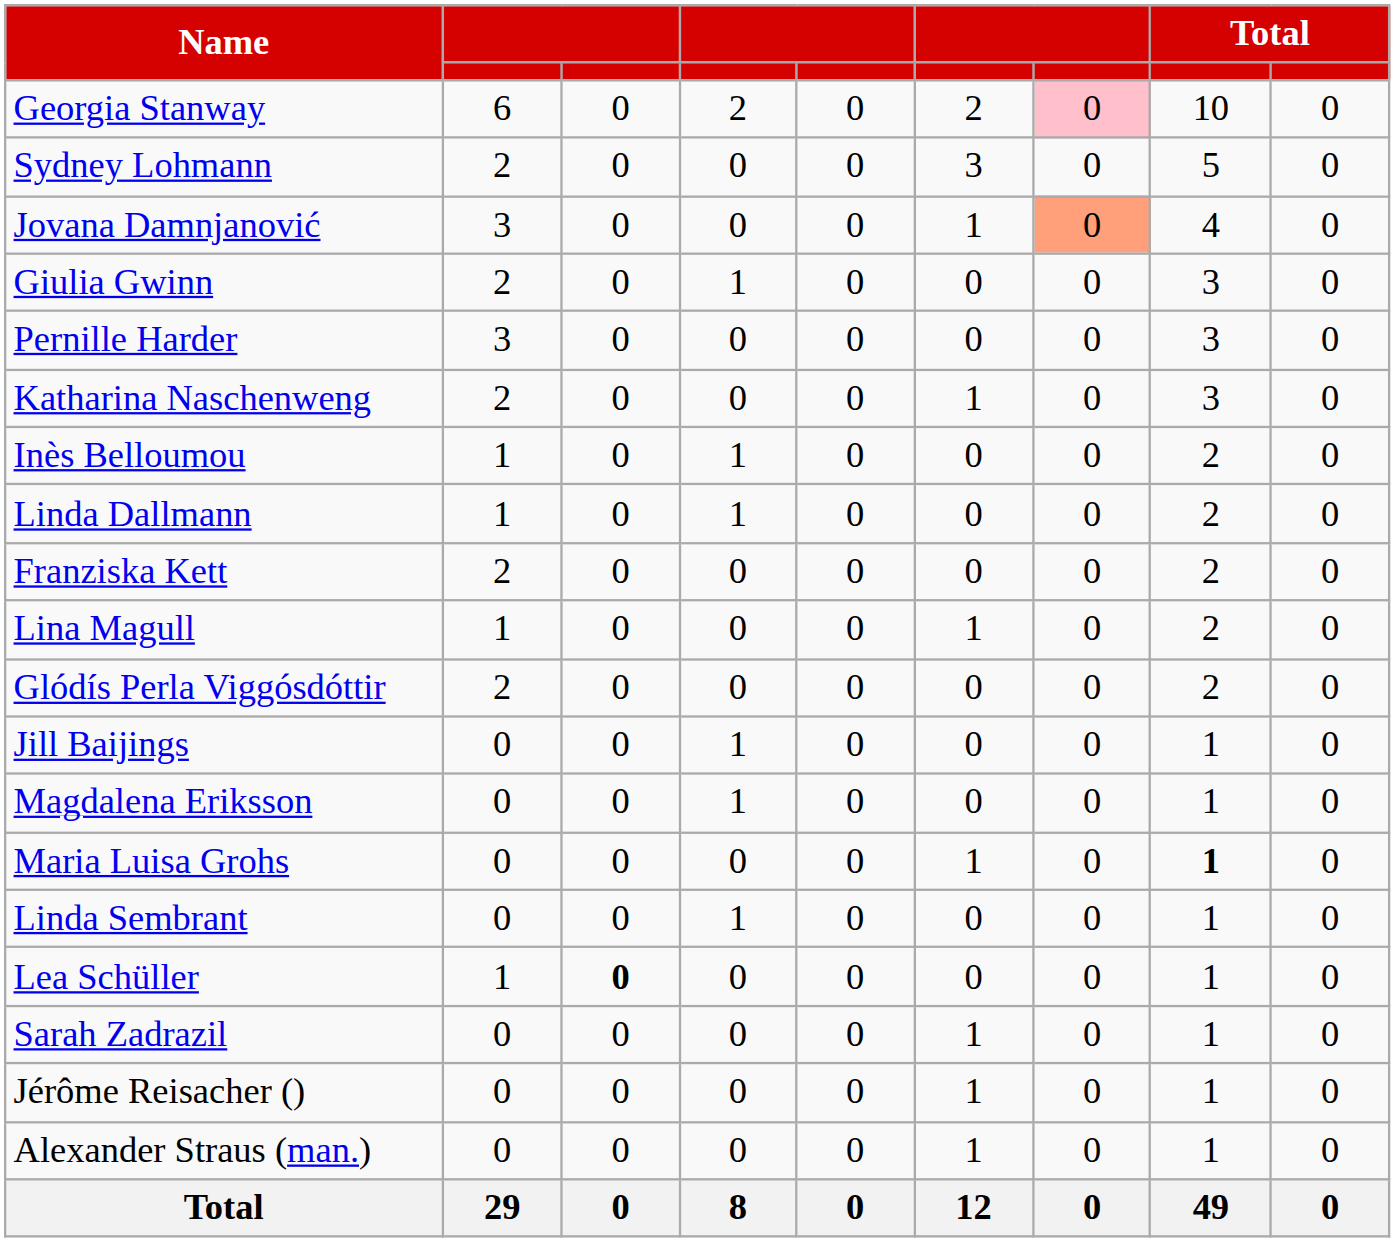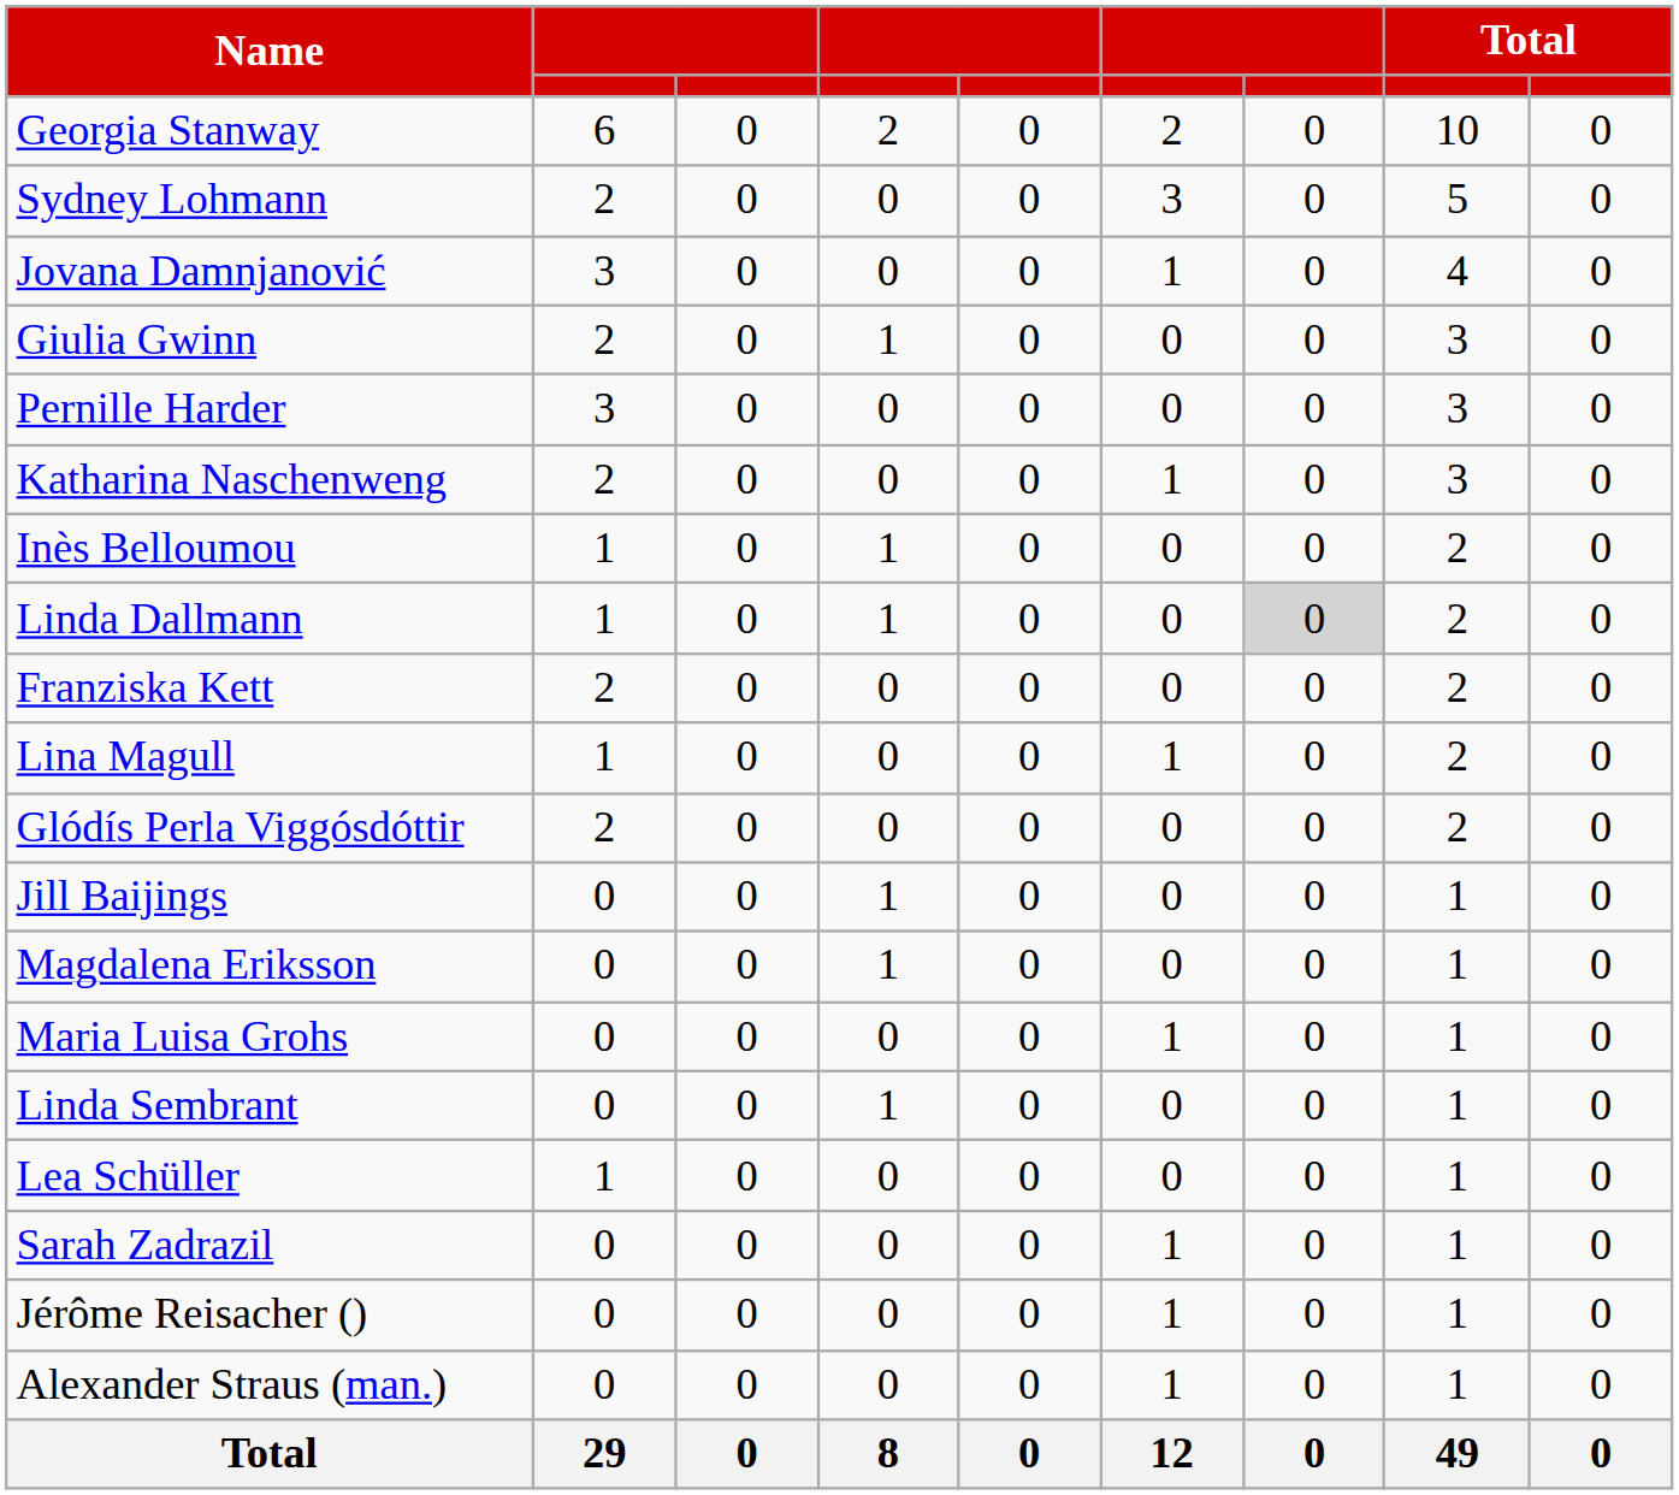 <table class="wikitable sortable" style="text-align:center; font-size:100%; ">
 <tr>
 <th style="background:#d50000; color:white; text-align:center; width:200px;" rowspan="2">Name</th>
 <th style="background:#d50000; color:white; text-align:center;" colspan="2"><a href='#'></a></th>
 <th style="background:#d50000; color:white; text-align:center;" colspan="2"><a href='#'></a></th>
 <th style="background:#d50000; color:white; text-align:center;" colspan="2"><a href='#'></a></th>
 <th style="background:#d50000; color:white; text-align:center;" colspan="2">Total</th>
 </tr>
 <tr>
 <th style="background:#d50000; color:white; text-align:center; width:50px;"></th>
 <th style="background:#d50000; color:white; text-align:center; width:50px;"></th>
 <th style="background:#d50000; color:white; text-align:center; width:50px;"></th>
 <th style="background:#d50000; color:white; text-align:center; width:50px;"></th>
 <th style="background:#d50000; color:white; text-align:center; width:50px;"></th>
 <th style="background:#d50000; color:white; text-align:center; width:50px;"></th>
 <th style="background:#d50000; color:white; text-align:center; width:50px;"></th>
 <th style="background:#d50000; color:white; text-align:center; width:50px;"></th>
 </tr>
 <tr>
 <td align="left"> <a href='#'>Georgia Stanway</a></td>
 <td>6</td>
 <td>0</td>
 <td>2</td>
 <td>0</td>
 <td>2</td>
-<td style="background: pink;">0</td>
+<td>0</td>
 <td>10</td>
 <td>0</td>
 </tr>
 <tr>
 <td align="left"> <a href='#'>Sydney Lohmann</a></td>
 <td>2</td>
 <td>0</td>
 <td>0</td>
 <td>0</td>
 <td>3</td>
 <td>0</td>
 <td>5</td>
 <td>0</td>
 </tr>
 <tr>
 <td align="left"> <a href='#'>Jovana Damnjanović</a></td>
 <td>3</td>
 <td>0</td>
 <td>0</td>
 <td>0</td>
 <td>1</td>
-<td style="background: lightsalmon;">0</td>
+<td>0</td>
 <td>4</td>
 <td>0</td>
 </tr>
 <tr>
 <td align="left"> <a href='#'>Giulia Gwinn</a></td>
 <td>2</td>
 <td>0</td>
 <td>1</td>
 <td>0</td>
 <td>0</td>
 <td>0</td>
 <td>3</td>
 <td>0</td>
 </tr>
 <tr>
 <td align="left"> <a href='#'>Pernille Harder</a></td>
 <td>3</td>
 <td>0</td>
 <td>0</td>
 <td>0</td>
 <td>0</td>
 <td>0</td>
 <td>3</td>
 <td>0</td>
 </tr>
 <tr>
 <td align="left"> <a href='#'>Katharina Naschenweng</a></td>
 <td>2</td>
 <td>0</td>
 <td>0</td>
 <td>0</td>
 <td>1</td>
 <td>0</td>
 <td>3</td>
 <td>0</td>
 </tr>
 <tr>
 <td align="left"> <a href='#'>Inès Belloumou</a></td>
 <td>1</td>
 <td>0</td>
 <td>1</td>
 <td>0</td>
 <td>0</td>
 <td>0</td>
 <td>2</td>
 <td>0</td>
 </tr>
 <tr>
 <td align="left"> <a href='#'>Linda Dallmann</a></td>
 <td>1</td>
 <td>0</td>
 <td>1</td>
 <td>0</td>
 <td>0</td>
-<td>0</td>
+<td style="background: lightgrey;">0</td>
 <td>2</td>
 <td>0</td>
 </tr>
 <tr>
 <td align="left"> <a href='#'>Franziska Kett</a></td>
 <td>2</td>
 <td>0</td>
 <td>0</td>
 <td>0</td>
 <td>0</td>
 <td>0</td>
 <td>2</td>
 <td>0</td>
 </tr>
 <tr>
 <td align="left"> <a href='#'>Lina Magull</a></td>
 <td>1</td>
 <td>0</td>
 <td>0</td>
 <td>0</td>
 <td>1</td>
 <td>0</td>
 <td>2</td>
 <td>0</td>
 </tr>
 <tr>
 <td align="left"> <a href='#'>Glódís Perla Viggósdóttir</a></td>
 <td>2</td>
 <td>0</td>
 <td>0</td>
 <td>0</td>
 <td>0</td>
 <td>0</td>
 <td>2</td>
 <td>0</td>
 </tr>
 <tr>
 <td align="left"> <a href='#'>Jill Baijings</a></td>
 <td>0</td>
 <td>0</td>
 <td>1</td>
 <td>0</td>
 <td>0</td>
 <td>0</td>
 <td>1</td>
 <td>0</td>
 </tr>
 <tr>
 <td align="left"> <a href='#'>Magdalena Eriksson</a></td>
 <td>0</td>
 <td>0</td>
 <td>1</td>
 <td>0</td>
 <td>0</td>
 <td>0</td>
 <td>1</td>
 <td>0</td>
 </tr>
 <tr>
 <td align="left"> <a href='#'>Maria Luisa Grohs</a></td>
 <td>0</td>
 <td>0</td>
 <td>0</td>
 <td>0</td>
 <td>1</td>
 <td>0</td>
-<td><strong>1</strong></td>
+<td>1</td>
 <td>0</td>
 </tr>
 <tr>
 <td align="left"> <a href='#'>Linda Sembrant</a></td>
 <td>0</td>
 <td>0</td>
 <td>1</td>
 <td>0</td>
 <td>0</td>
 <td>0</td>
 <td>1</td>
 <td>0</td>
 </tr>
 <tr>
 <td align="left"> <a href='#'>Lea Schüller</a></td>
 <td>1</td>
-<td><strong>0</strong></td>
+<td>0</td>
 <td>0</td>
 <td>0</td>
 <td>0</td>
 <td>0</td>
 <td>1</td>
 <td>0</td>
 </tr>
 <tr>
 <td align="left"> <a href='#'>Sarah Zadrazil</a></td>
 <td>0</td>
 <td>0</td>
 <td>0</td>
 <td>0</td>
 <td>1</td>
 <td>0</td>
 <td>1</td>
 <td>0</td>
 </tr>
 <tr>
 <td align="left">Jérôme Reisacher ()</td>
 <td>0</td>
 <td>0</td>
 <td>0</td>
 <td>0</td>
 <td>1</td>
 <td>0</td>
 <td>1</td>
 <td>0</td>
 </tr>
 <tr>
 <td align="left">Alexander Straus (<a href='#'>man.</a>)</td>
 <td>0</td>
 <td>0</td>
 <td>0</td>
 <td>0</td>
 <td>1</td>
 <td>0</td>
 <td>1</td>
 <td>0</td>
 </tr>
 <tr>
 <th>Total</th>
 <th>29</th>
 <th>0</th>
 <th>8</th>
 <th>0</th>
 <th>12</th>
 <th>0</th>
 <th>49</th>
 <th>0</th>
 </tr>
 </table>
